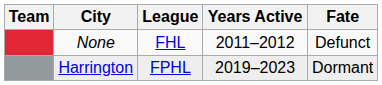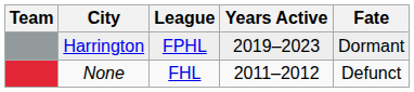 <table class="wikitable sortable" width="60%">
 <tr>
 <th>Team</th>
 <th>City</th>
 <th>League</th>
 <th>Years Active</th>
 <th>Fate</th>
 </tr>
+<tr align=center bgcolor=eeeeee>
+<td style="color:white; background:#929a9c; "><strong><a href='#'></a></strong></td>
+<td><a href='#'>Harrington</a></td>
+<td><a href='#'>FPHL</a></td>
+<td>2019–2023</td>
+<td>Dormant</td>
+</tr>
 <tr align=center>
 <td style="color:white; background:#E32636; "><strong><a href='#'></a></strong></td>
 <td><em>None</em></td>
 <td><a href='#'>FHL</a></td>
 <td>2011–2012</td>
 <td>Defunct</td>
 </tr>
-<tr align=center bgcolor=eeeeee>
-<td style="color:white; background:#929a9c; "><strong><a href='#'></a></strong></td>
-<td><a href='#'>Harrington</a></td>
-<td><a href='#'>FPHL</a></td>
-<td>2019–2023</td>
-<td>Dormant</td>
-</tr>
 </table>
